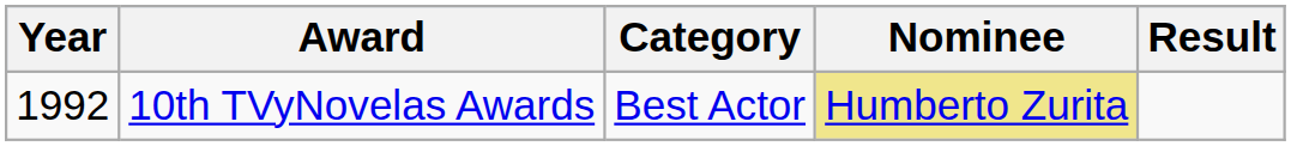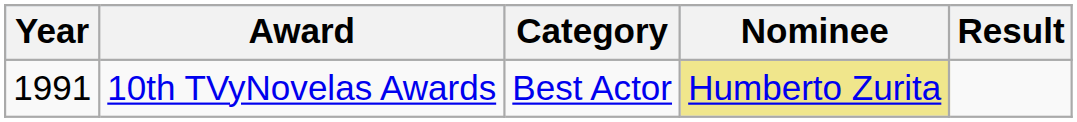 <table class="wikitable">
 <tr style="background:#b0c4de;">
 <th>Year</th>
 <th>Award</th>
 <th>Category</th>
 <th>Nominee</th>
 <th>Result</th>
 </tr>
 <tr>
-<td>1992</td>
+<td>1991</td>
 <td><a href='#'>10th TVyNovelas Awards</a></td>
 <td><a href='#'>Best Actor</a></td>
 <td style="background: khaki;"><a href='#'>Humberto Zurita</a></td>
 <td></td>
 </tr>
 </table>
